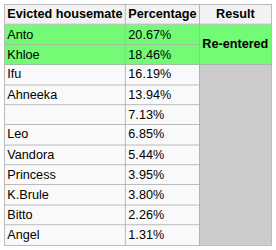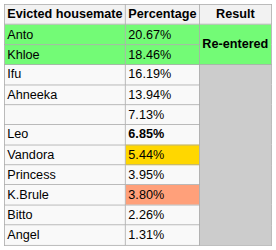 <table class="wikitable">
 <tr>
 <th>Evicted housemate</th>
 <th>Percentage</th>
 <th>Result</th>
 </tr>
 <tr style="background:#73FB76;" |>
 <td>Anto</td>
 <td>20.67%</td>
 <td rowspan="2"><strong>Re-entered</strong></td>
 </tr>
 <tr style="background:#73FB76;" |>
 <td>Khloe</td>
 <td>18.46%</td>
 </tr>
 <tr>
 <td>Ifu</td>
 <td>16.19%</td>
 <td rowspan="9" style="background:#ccc;"></td>
 </tr>
 <tr>
 <td>Ahneeka</td>
 <td>13.94%</td>
 </tr>
 <tr>
 <td></td>
 <td>7.13%</td>
 </tr>
 <tr>
 <td>Leo</td>
-<td>6.85%</td>
+<td><strong>6.85%</strong></td>
 </tr>
 <tr>
 <td>Vandora</td>
-<td>5.44%</td>
+<td style="background: gold;">5.44%</td>
 </tr>
 <tr>
 <td>Princess</td>
 <td>3.95%</td>
 </tr>
 <tr>
 <td>K.Brule</td>
-<td>3.80%</td>
+<td style="background: lightsalmon;">3.80%</td>
 </tr>
 <tr>
 <td>Bitto</td>
 <td>2.26%</td>
 </tr>
 <tr>
 <td>Angel</td>
 <td>1.31%</td>
 </tr>
 </table>
